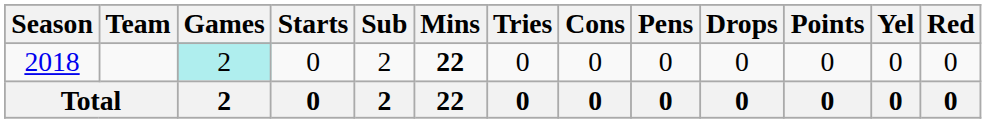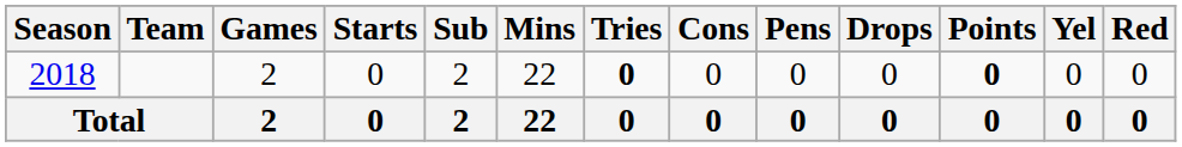 <table class="wikitable" style="text-align:center; line-height:90%; font-size:95%; width:60%;">
 <tr>
 <th>Season</th>
 <th>Team</th>
 <th>Games</th>
 <th>Starts</th>
 <th>Sub</th>
 <th>Mins</th>
 <th>Tries</th>
 <th>Cons</th>
 <th>Pens</th>
 <th>Drops</th>
 <th>Points</th>
 <th>Yel</th>
 <th>Red</th>
 </tr>
 <tr>
 <td><a href='#'>2018</a></td>
 <td></td>
-<td style="background: paleturquoise;">2</td>
+<td>2</td>
 <td>0</td>
 <td>2</td>
-<td><strong>22</strong></td>
+<td>22</td>
+<td><strong>0</strong></td>
 <td>0</td>
 <td>0</td>
 <td>0</td>
-<td>0</td>
-<td>0</td>
+<td><strong>0</strong></td>
 <td>0</td>
 <td>0</td>
 </tr>
 <tr>
 <th colspan="2">Total</th>
 <th>2</th>
 <th>0</th>
 <th>2</th>
 <th>22</th>
 <th>0</th>
 <th>0</th>
 <th>0</th>
 <th>0</th>
 <th>0</th>
 <th>0</th>
 <th>0</th>
 </tr>
 </table>
